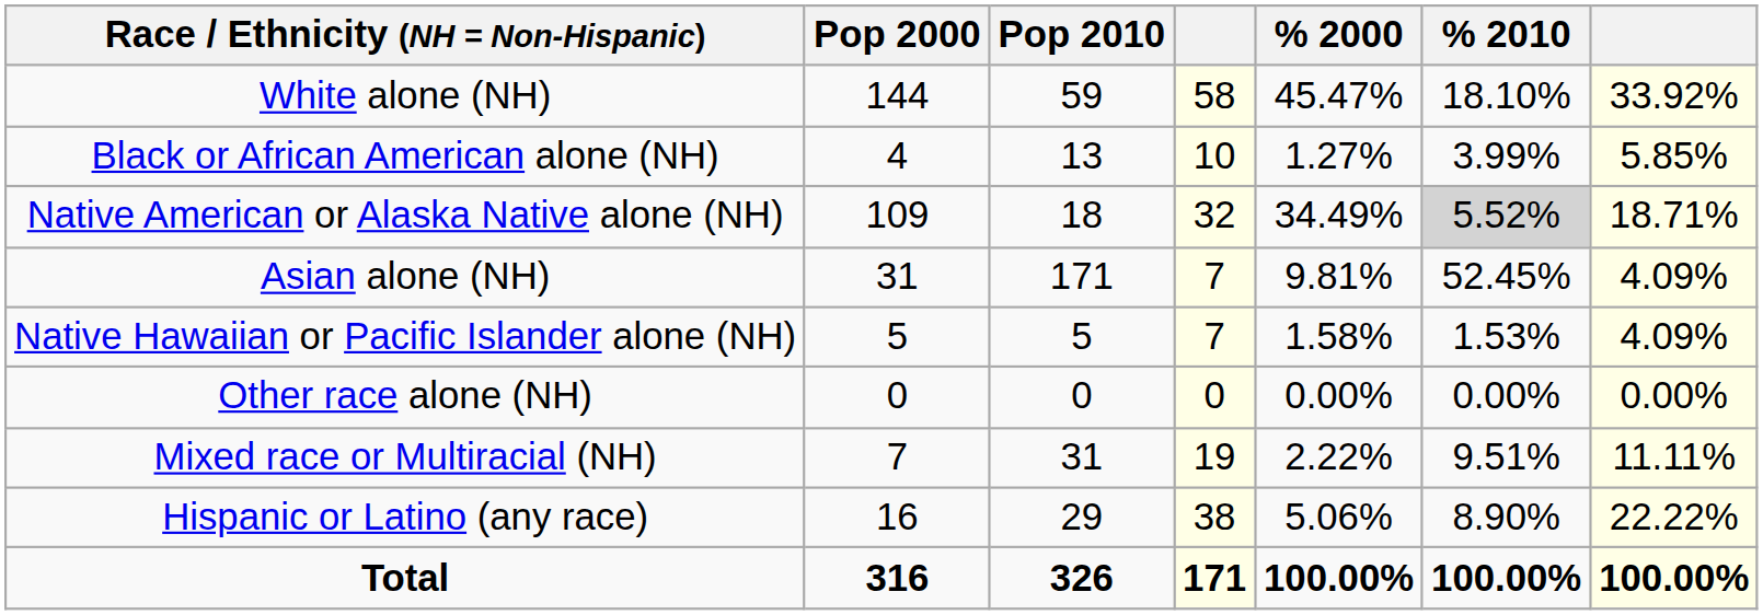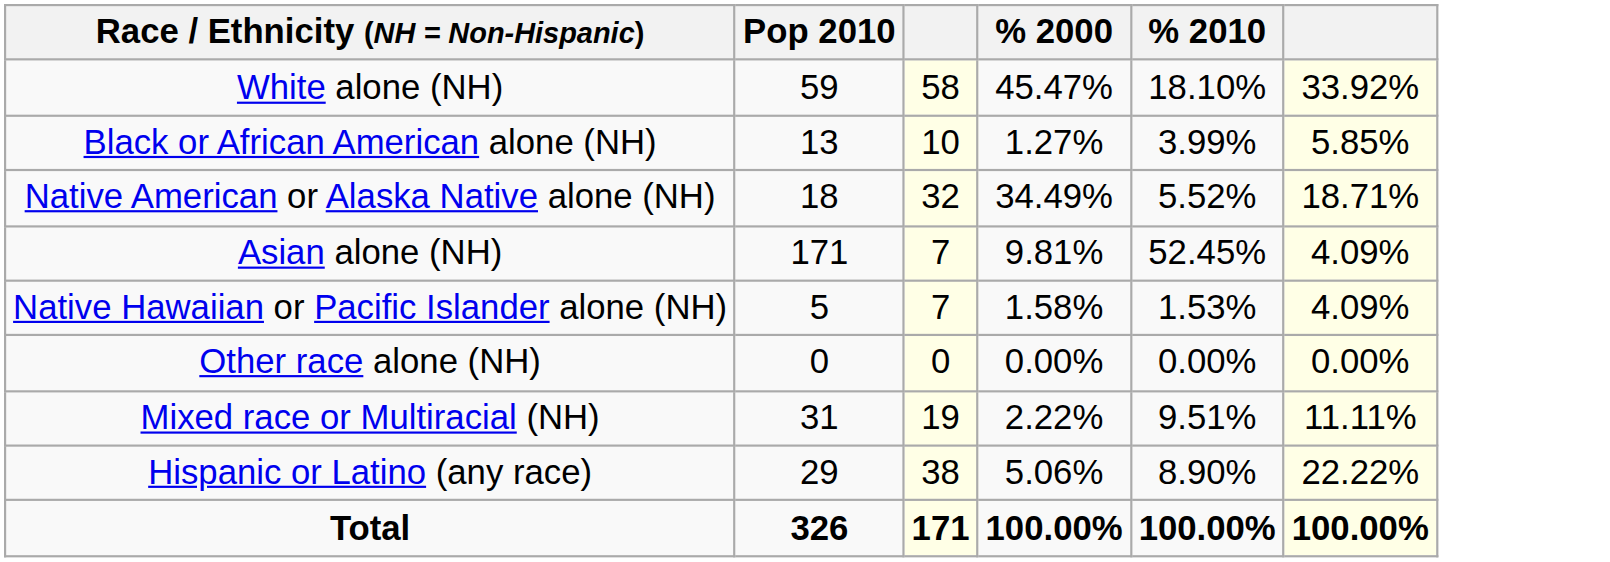 <table class="wikitable" style="text-align:center;">
 <tr>
 <th>Race / Ethnicity <small>(<em>NH = Non-Hispanic</em>)</small></th>
-<th>Pop 2000</th>
 <th>Pop 2010</th>
 <th></th>
 <th>% 2000</th>
 <th>% 2010</th>
 <th></th>
 </tr>
 <tr>
 <td><a href='#'>White</a> alone (NH)</td>
-<td>144</td>
 <td>59</td>
 <td style='background: #ffffe6;'>58</td>
 <td>45.47%</td>
 <td>18.10%</td>
 <td style='background: #ffffe6;'>33.92%</td>
 </tr>
 <tr>
 <td><a href='#'>Black or African American</a> alone (NH)</td>
-<td>4</td>
 <td>13</td>
 <td style='background: #ffffe6;'>10</td>
 <td>1.27%</td>
 <td>3.99%</td>
 <td style='background: #ffffe6;'>5.85%</td>
 </tr>
 <tr>
 <td><a href='#'>Native American</a> or <a href='#'>Alaska Native</a> alone (NH)</td>
-<td>109</td>
 <td>18</td>
 <td style='background: #ffffe6;'>32</td>
 <td>34.49%</td>
-<td style="background: lightgrey;">5.52%</td>
+<td>5.52%</td>
 <td style='background: #ffffe6;'>18.71%</td>
 </tr>
 <tr>
 <td><a href='#'>Asian</a> alone (NH)</td>
-<td>31</td>
 <td>171</td>
 <td style='background: #ffffe6;'>7</td>
 <td>9.81%</td>
 <td>52.45%</td>
 <td style='background: #ffffe6;'>4.09%</td>
 </tr>
 <tr>
 <td><a href='#'>Native Hawaiian</a> or <a href='#'>Pacific Islander</a> alone (NH)</td>
 <td>5</td>
-<td>5</td>
 <td style='background: #ffffe6;'>7</td>
 <td>1.58%</td>
 <td>1.53%</td>
 <td style='background: #ffffe6;'>4.09%</td>
 </tr>
 <tr>
 <td><a href='#'>Other race</a> alone (NH)</td>
 <td>0</td>
-<td>0</td>
 <td style='background: #ffffe6;'>0</td>
 <td>0.00%</td>
 <td>0.00%</td>
 <td style='background: #ffffe6;'>0.00%</td>
 </tr>
 <tr>
 <td><a href='#'>Mixed race or Multiracial</a> (NH)</td>
-<td>7</td>
 <td>31</td>
 <td style='background: #ffffe6;'>19</td>
 <td>2.22%</td>
 <td>9.51%</td>
 <td style='background: #ffffe6;'>11.11%</td>
 </tr>
 <tr>
 <td><a href='#'>Hispanic or Latino</a> (any race)</td>
-<td>16</td>
 <td>29</td>
 <td style='background: #ffffe6;'>38</td>
 <td>5.06%</td>
 <td>8.90%</td>
 <td style='background: #ffffe6;'>22.22%</td>
 </tr>
 <tr>
 <td><strong>Total</strong></td>
-<td><strong>316</strong></td>
 <td><strong>326</strong></td>
 <td style='background: #ffffe6;'><strong>171</strong></td>
 <td><strong>100.00%</strong></td>
 <td><strong>100.00%</strong></td>
 <td style='background: #ffffe6;'><strong>100.00%</strong></td>
 </tr>
 </table>
